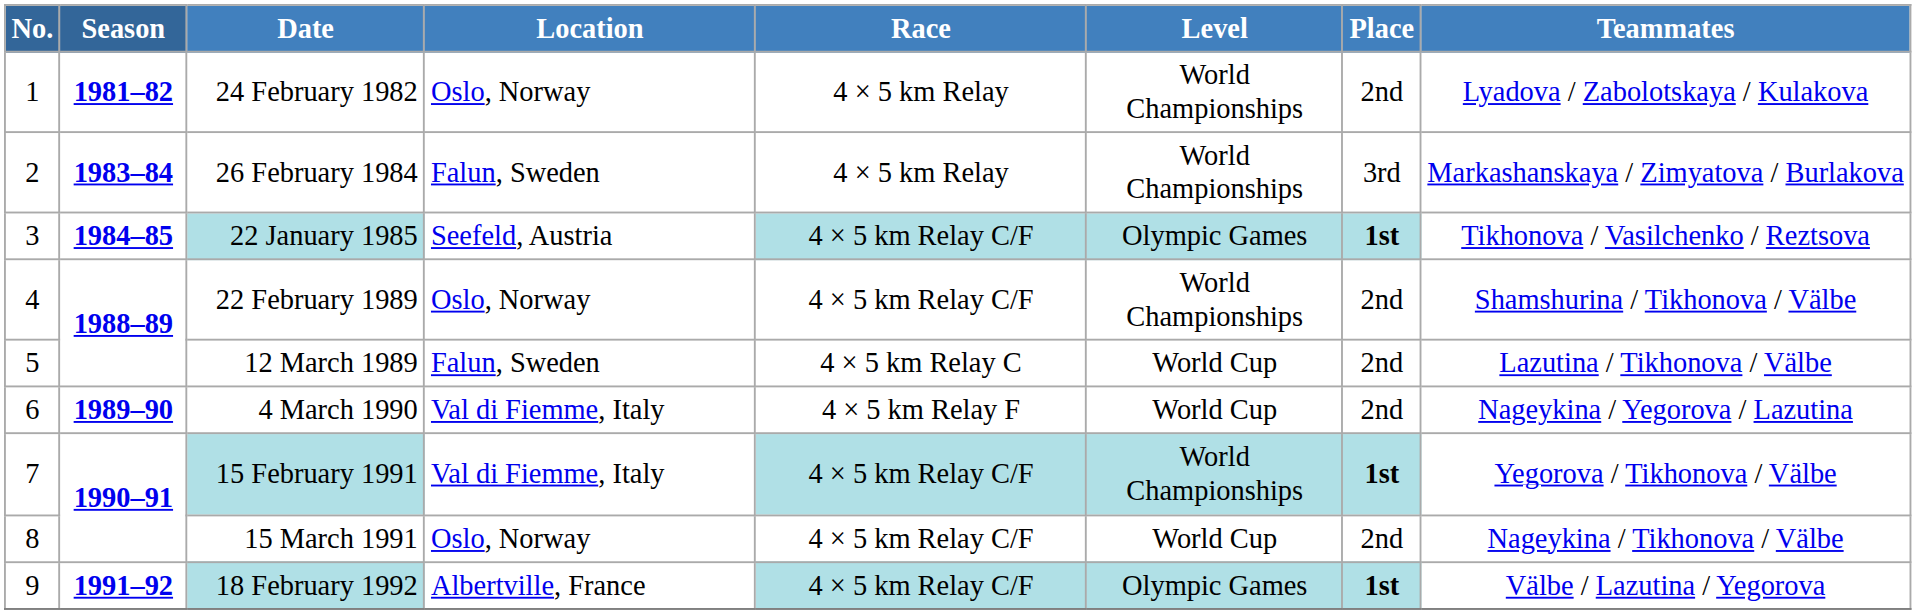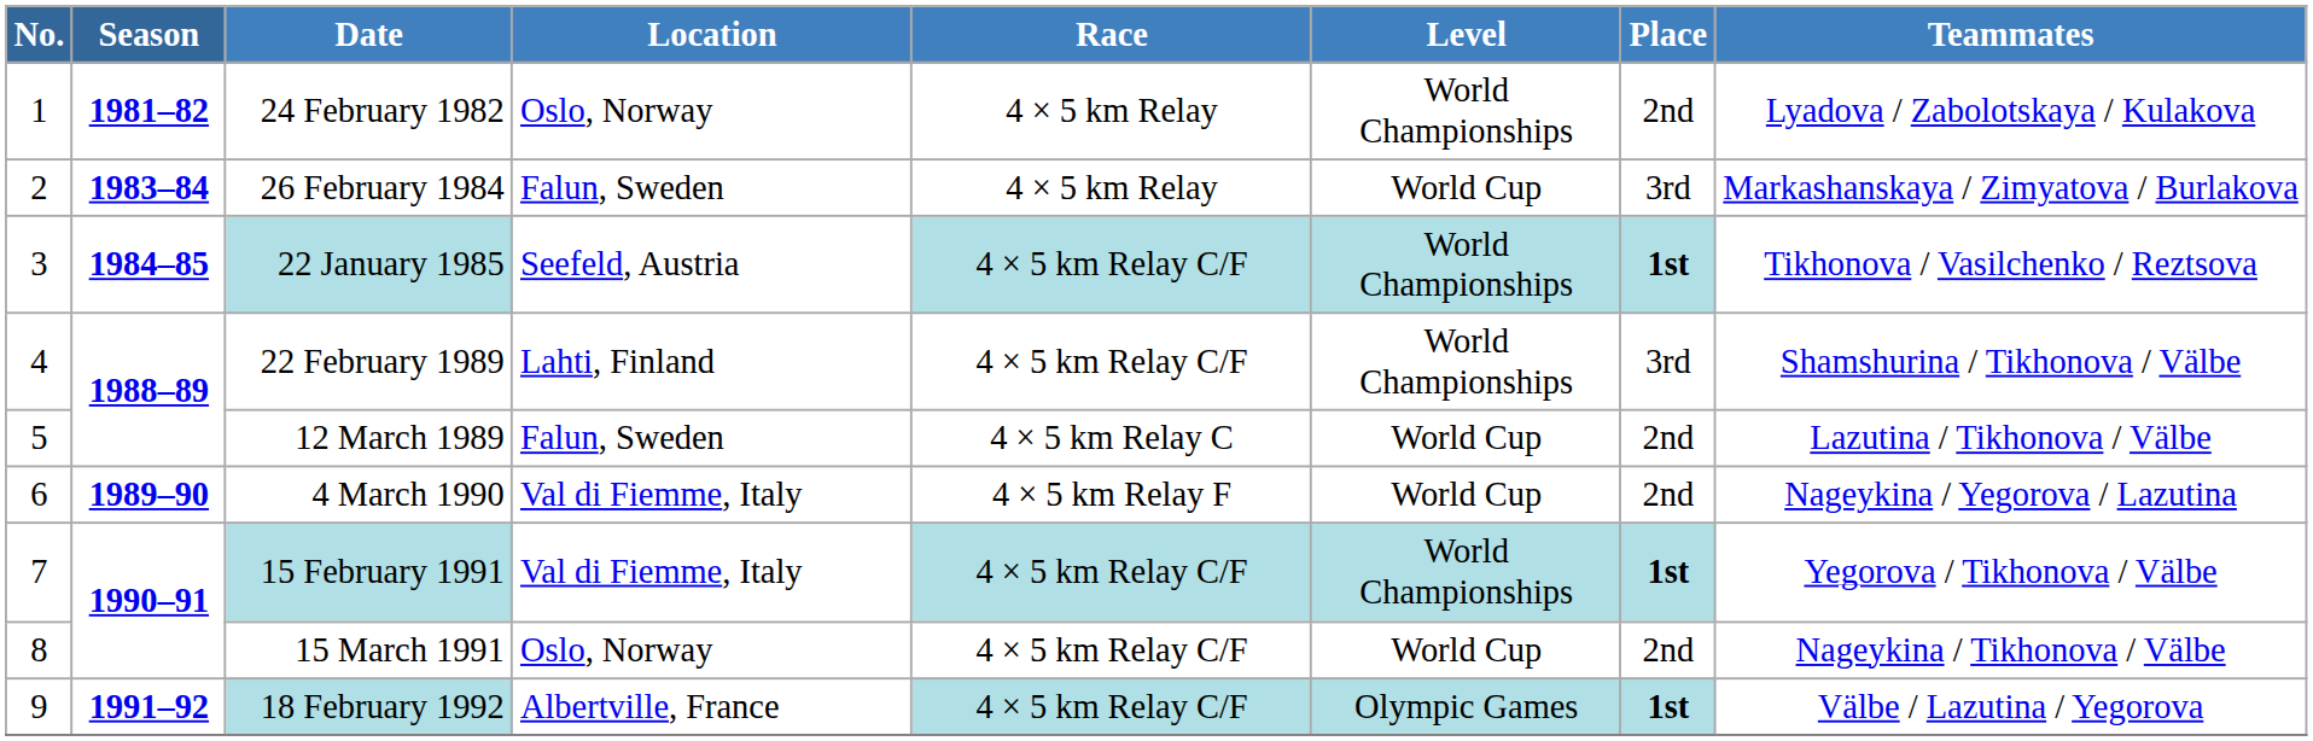 <table class="wikitable sortable" style="font-size:95%; text-align:center; border:grey solid 1px; border-collapse:collapse; background:#ffffff;">
 <tr style="background:#efefef;">
 <th style="background-color:#369; color:white;">No.</th>
 <th style="background-color:#369; color:white;">Season</th>
 <th style="background-color:#4180be; color:white; width:120px;">Date</th>
 <th style="background-color:#4180be; color:white; width:170px;">Location</th>
 <th style="background-color:#4180be; color:white; width:170px;">Race</th>
 <th style="background-color:#4180be; color:white; width:130px;">Level</th>
 <th style="background-color:#4180be; color:white;">Place</th>
 <th style="background-color:#4180be; color:white;">Teammates</th>
 </tr>
 <tr>
 <td align=center>1</td>
 <td rowspan=1 align=center><strong> <a href='#'>1981–82</a> </strong></td>
 <td align=right>24 February 1982</td>
 <td align=left> <a href='#'>Oslo</a>, Norway</td>
 <td>4 × 5 km Relay</td>
 <td>World Championships</td>
 <td>2nd</td>
 <td><a href='#'>Lyadova</a> / <a href='#'>Zabolotskaya</a> / <a href='#'>Kulakova</a></td>
 </tr>
 <tr>
 <td align=center>2</td>
 <td rowspan=1 align=center><strong> <a href='#'>1983–84</a> </strong></td>
 <td align=right>26 February 1984</td>
 <td align=left> <a href='#'>Falun</a>, Sweden</td>
 <td>4 × 5 km Relay</td>
-<td>World Championships</td>
+<td>World Cup</td>
 <td>3rd</td>
 <td><a href='#'>Markashanskaya</a> / <a href='#'>Zimyatova</a> / <a href='#'>Burlakova</a></td>
 </tr>
 <tr>
 <td align=center>3</td>
 <td rowspan=1 align=center><strong><a href='#'>1984–85</a></strong></td>
 <td bgcolor="#BOEOE6" align=right>22 January 1985</td>
 <td align=left> <a href='#'>Seefeld</a>, Austria</td>
 <td bgcolor="#BOEOE6">4 × 5 km Relay C/F</td>
-<td bgcolor="#BOEOE6">Olympic Games</td>
+<td bgcolor="#BOEOE6">World Championships</td>
 <td bgcolor="#BOEOE6"><strong>1st</strong></td>
 <td><a href='#'>Tikhonova</a> / <a href='#'>Vasilchenko</a> / <a href='#'>Reztsova</a></td>
 </tr>
 <tr>
 <td align=center>4</td>
 <td rowspan=2 align=center><strong> <a href='#'>1988–89</a> </strong></td>
 <td align=right>22 February 1989</td>
-<td align=left> <a href='#'>Oslo</a>, Norway</td>
+<td align=left> <a href='#'>Lahti</a>, Finland</td>
 <td>4 × 5 km Relay C/F</td>
 <td>World Championships</td>
-<td>2nd</td>
+<td>3rd</td>
 <td><a href='#'>Shamshurina</a> / <a href='#'>Tikhonova</a> / <a href='#'>Välbe</a></td>
 </tr>
 <tr>
 <td align=center>5</td>
 <td align=right>12 March 1989</td>
 <td align=left> <a href='#'>Falun</a>, Sweden</td>
 <td>4 × 5 km Relay C</td>
 <td>World Cup</td>
 <td>2nd</td>
 <td><a href='#'>Lazutina</a> / <a href='#'>Tikhonova</a> / <a href='#'>Välbe</a></td>
 </tr>
 <tr>
 <td align=center>6</td>
 <td rowspan=1 align=center><strong> <a href='#'>1989–90</a> </strong></td>
 <td align=right>4 March 1990</td>
 <td align=left> <a href='#'>Val di Fiemme</a>, Italy</td>
 <td>4 × 5 km Relay F</td>
 <td>World Cup</td>
 <td>2nd</td>
 <td><a href='#'>Nageykina</a> / <a href='#'>Yegorova</a> / <a href='#'>Lazutina</a></td>
 </tr>
 <tr>
 <td align=center>7</td>
 <td rowspan=2 align=center><strong><a href='#'>1990–91</a></strong></td>
 <td bgcolor="#BOEOE6" align=right>15 February 1991</td>
 <td align=left> <a href='#'>Val di Fiemme</a>, Italy</td>
 <td bgcolor="#BOEOE6">4 × 5 km Relay C/F</td>
 <td bgcolor="#BOEOE6">World Championships</td>
 <td bgcolor="#BOEOE6"><strong>1st</strong></td>
 <td><a href='#'>Yegorova</a> / <a href='#'>Tikhonova</a> / <a href='#'>Välbe</a></td>
 </tr>
 <tr>
 <td align=center>8</td>
 <td align=right>15 March 1991</td>
 <td align=left> <a href='#'>Oslo</a>, Norway</td>
 <td>4 × 5 km Relay C/F</td>
 <td>World Cup</td>
 <td>2nd</td>
 <td><a href='#'>Nageykina</a> / <a href='#'>Tikhonova</a> / <a href='#'>Välbe</a></td>
 </tr>
 <tr>
 <td align=center>9</td>
 <td rowspan=1 align=center><strong><a href='#'>1991–92</a></strong></td>
 <td bgcolor="#BOEOE6" align=right>18 February 1992</td>
 <td align=left> <a href='#'>Albertville</a>, France</td>
 <td bgcolor="#BOEOE6">4 × 5 km Relay C/F</td>
 <td bgcolor="#BOEOE6">Olympic Games</td>
 <td bgcolor="#BOEOE6"><strong>1st</strong></td>
 <td><a href='#'>Välbe</a> / <a href='#'>Lazutina</a> / <a href='#'>Yegorova</a></td>
 </tr>
 <tr>
 </tr>
 </table>
